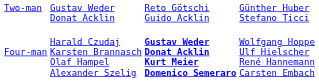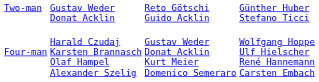 <table>
 <tr>
 <td><a href='#'>Two-man</a></td>
 <td><br><a href='#'>Gustav Weder</a><br><a href='#'>Donat Acklin</a></td>
 <td> <br><a href='#'>Reto Götschi</a><br><a href='#'>Guido Acklin</a></td>
 <td><br><a href='#'>Günther Huber</a><br><a href='#'>Stefano Ticci</a></td>
 </tr>
 <tr>
 <td><a href='#'>Four-man</a></td>
 <td><br><a href='#'>Harald Czudaj</a><br><a href='#'>Karsten Brannasch</a><br><a href='#'>Olaf Hampel</a><br><a href='#'>Alexander Szelig</a></td>
-<td><strong><br><a href='#'>Gustav Weder</a><br><a href='#'>Donat Acklin</a><br><a href='#'>Kurt Meier</a><br><a href='#'>Domenico Semeraro</a></strong></td>
+<td><br><a href='#'>Gustav Weder</a><br><a href='#'>Donat Acklin</a><br><a href='#'>Kurt Meier</a><br><a href='#'>Domenico Semeraro</a></td>
 <td><br><a href='#'>Wolfgang Hoppe</a><br><a href='#'>Ulf Hielscher</a><br><a href='#'>René Hannemann</a><br><a href='#'>Carsten Embach</a></td>
 </tr>
 </table>
